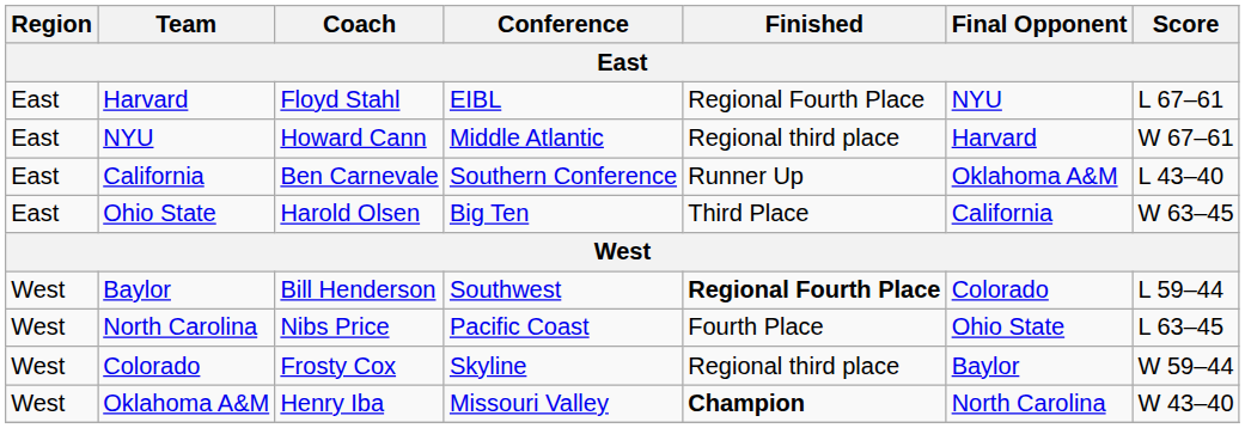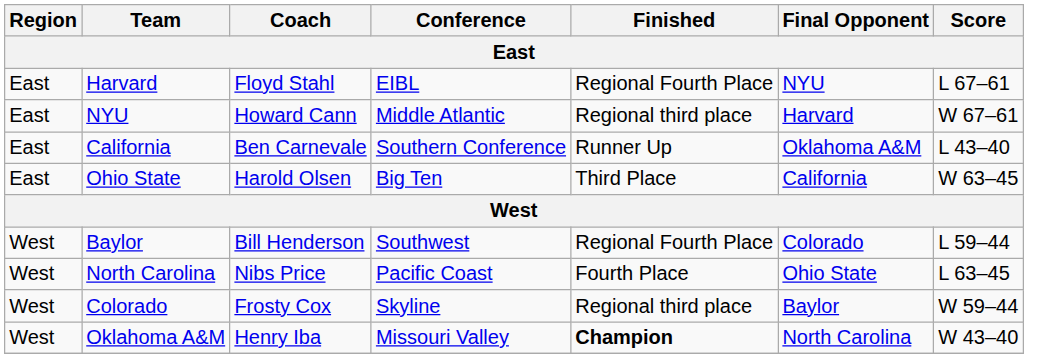 <table class=wikitable>
 <tr>
 <th>Region</th>
 <th>Team</th>
 <th>Coach</th>
 <th>Conference</th>
 <th>Finished</th>
 <th>Final Opponent</th>
 <th>Score</th>
 </tr>
 <tr>
 <th colspan=7><strong>East</strong></th>
 </tr>
 <tr>
 <td>East</td>
 <td><a href='#'>Harvard</a></td>
 <td><a href='#'>Floyd Stahl</a></td>
 <td><a href='#'>EIBL</a></td>
 <td>Regional Fourth Place</td>
 <td><a href='#'>NYU</a></td>
 <td>L 67–61</td>
 </tr>
 <tr>
 <td>East</td>
 <td><a href='#'>NYU</a></td>
 <td><a href='#'>Howard Cann</a></td>
 <td><a href='#'>Middle Atlantic</a></td>
 <td>Regional third place</td>
 <td><a href='#'>Harvard</a></td>
 <td>W 67–61</td>
 </tr>
 <tr>
 <td>East</td>
 <td><a href='#'>California</a></td>
 <td><a href='#'>Ben Carnevale</a></td>
 <td><a href='#'>Southern Conference</a></td>
 <td>Runner Up</td>
 <td><a href='#'>Oklahoma A&M</a></td>
 <td>L 43–40</td>
 </tr>
 <tr>
 <td>East</td>
 <td><a href='#'>Ohio State</a></td>
 <td><a href='#'>Harold Olsen</a></td>
 <td><a href='#'>Big Ten</a></td>
 <td>Third Place</td>
 <td><a href='#'>California</a></td>
 <td>W 63–45</td>
 </tr>
 <tr>
 <th colspan=7><strong>West</strong></th>
 </tr>
 <tr>
 <td>West</td>
 <td><a href='#'>Baylor</a></td>
 <td><a href='#'>Bill Henderson</a></td>
 <td><a href='#'>Southwest</a></td>
-<td><strong>Regional Fourth Place</strong></td>
+<td>Regional Fourth Place</td>
 <td><a href='#'>Colorado</a></td>
 <td>L 59–44</td>
 </tr>
 <tr>
 <td>West</td>
 <td><a href='#'>North Carolina</a></td>
 <td><a href='#'>Nibs Price</a></td>
 <td><a href='#'>Pacific Coast</a></td>
 <td>Fourth Place</td>
 <td><a href='#'>Ohio State</a></td>
 <td>L 63–45</td>
 </tr>
 <tr>
 <td>West</td>
 <td><a href='#'>Colorado</a></td>
 <td><a href='#'>Frosty Cox</a></td>
 <td><a href='#'>Skyline</a></td>
 <td>Regional third place</td>
 <td><a href='#'>Baylor</a></td>
 <td>W 59–44</td>
 </tr>
 <tr>
 <td>West</td>
 <td><a href='#'>Oklahoma A&M</a></td>
 <td><a href='#'>Henry Iba</a></td>
 <td><a href='#'>Missouri Valley</a></td>
 <td><strong>Champion</strong></td>
 <td><a href='#'>North Carolina</a></td>
 <td>W 43–40</td>
 </tr>
 <tr>
 </tr>
 </table>
